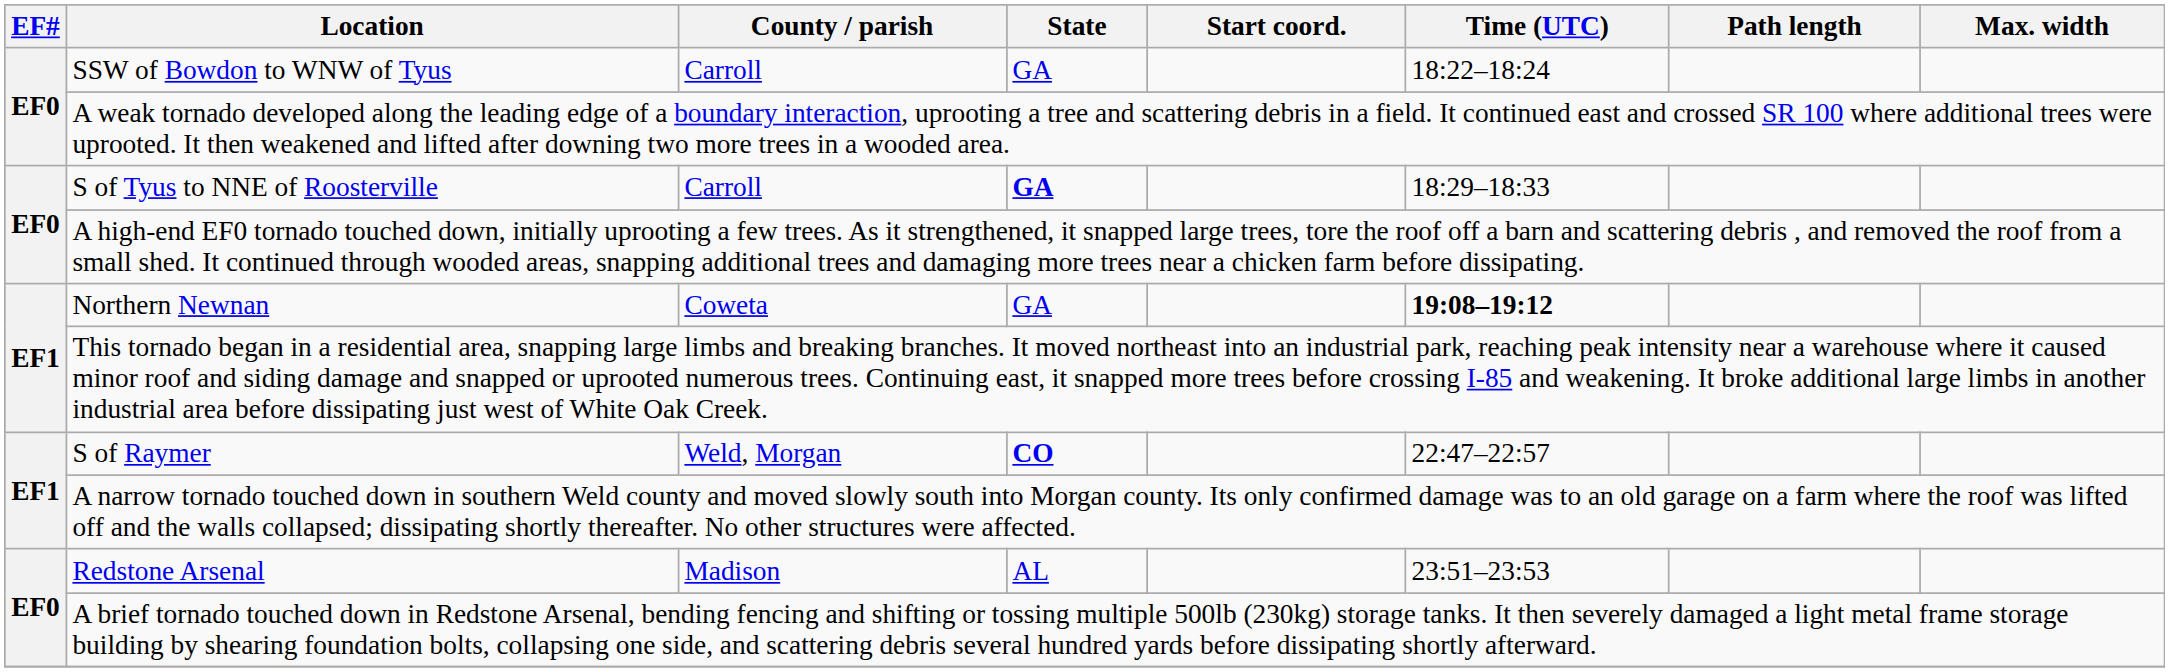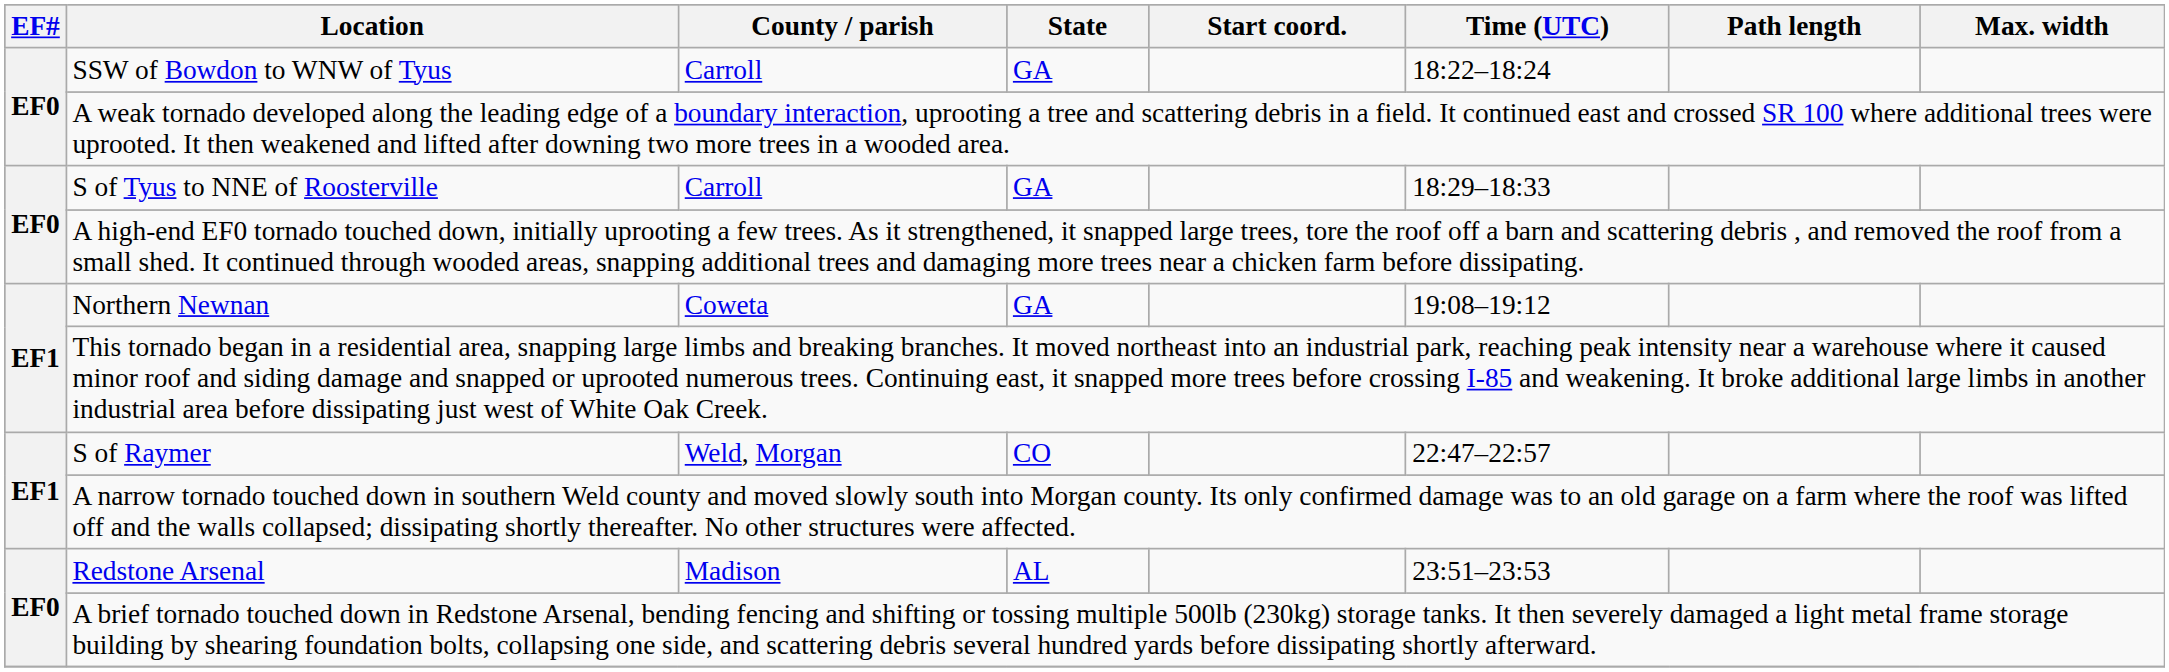 <table class="wikitable sortable" style="width:100%;">
 <tr>
 <th scope="col" width="2%" align="center"><a href='#'>EF#</a></th>
 <th scope="col" align="center" class="unsortable">Location</th>
 <th scope="col" align="center" class="unsortable">County / parish</th>
 <th scope="col" align="center">State</th>
 <th scope="col" align="center">Start coord.</th>
 <th scope="col" align="center">Time (<a href='#'>UTC</a>)</th>
 <th scope="col" align="center">Path length</th>
 <th scope="col" align="center">Max. width</th>
 </tr>
 <tr>
 <th scope="row" rowspan="2" style="background-color:#">EF0</th>
 <td>SSW of <a href='#'>Bowdon</a> to WNW of <a href='#'>Tyus</a></td>
 <td><a href='#'>Carroll</a></td>
 <td><a href='#'>GA</a></td>
 <td></td>
 <td>18:22–18:24</td>
 <td></td>
 <td></td>
 </tr>
 <tr class="expand-child">
 <td colspan="8" border-bottom: 1px solid black;>A weak tornado developed along the leading edge of a <a href='#'>boundary interaction</a>, uprooting a tree and scattering debris in a field. It continued east and crossed <a href='#'>SR 100</a> where additional trees were uprooted. It then weakened and lifted after downing two more trees in a wooded area.</td>
 </tr>
 <tr>
 <th scope="row" rowspan="2" style="background-color:#">EF0</th>
 <td>S of <a href='#'>Tyus</a> to NNE of <a href='#'>Roosterville</a></td>
 <td><a href='#'>Carroll</a></td>
-<td><strong><a href='#'>GA</a></strong></td>
+<td><a href='#'>GA</a></td>
 <td></td>
 <td>18:29–18:33</td>
 <td></td>
 <td></td>
 </tr>
 <tr class="expand-child">
 <td colspan="8" border-bottom: 1px solid black;>A high-end EF0 tornado touched down, initially uprooting a few trees. As it strengthened, it snapped large trees, tore the roof off a barn and scattering debris , and removed the roof from a small shed. It continued through wooded areas, snapping additional trees and damaging more trees near a chicken farm before dissipating.</td>
 </tr>
 <tr>
 <th scope="row" rowspan="2" style="background-color:#">EF1</th>
 <td>Northern <a href='#'>Newnan</a></td>
 <td><a href='#'>Coweta</a></td>
 <td><a href='#'>GA</a></td>
 <td></td>
-<td><strong>19:08–19:12</strong></td>
+<td>19:08–19:12</td>
 <td></td>
 <td></td>
 </tr>
 <tr class="expand-child">
 <td colspan="8" border-bottom: 1px solid black;>This tornado began in a residential area, snapping large limbs and breaking branches. It moved northeast into an industrial park, reaching peak intensity near a warehouse where it caused minor roof and siding damage and snapped or uprooted numerous trees. Continuing east, it snapped more trees before crossing <a href='#'>I-85</a> and weakening. It broke additional large limbs in another industrial area before dissipating just west of White Oak Creek.</td>
 </tr>
 <tr>
 <th scope="row" rowspan="2" style="background-color:#">EF1</th>
 <td>S of <a href='#'>Raymer</a></td>
 <td><a href='#'>Weld</a>, <a href='#'>Morgan</a></td>
-<td><strong><a href='#'>CO</a></strong></td>
+<td><a href='#'>CO</a></td>
 <td></td>
 <td>22:47–22:57</td>
 <td></td>
 <td></td>
 </tr>
 <tr class="expand-child">
 <td colspan="8" border-bottom: 1px solid black;>A narrow tornado touched down in southern Weld county and moved slowly south into Morgan county. Its only confirmed damage was to an old garage on a farm where the roof was lifted off and the walls collapsed; dissipating shortly thereafter. No other structures were affected. </td>
 </tr>
 <tr>
 <th scope="row" rowspan="2" style="background-color:#">EF0</th>
 <td><a href='#'>Redstone Arsenal</a></td>
 <td><a href='#'>Madison</a></td>
 <td><a href='#'>AL</a></td>
 <td></td>
 <td>23:51–23:53</td>
 <td></td>
 <td></td>
 </tr>
 <tr class="expand-child">
 <td colspan="8" border-bottom: 1px solid black;>A brief tornado touched down in Redstone Arsenal, bending fencing and shifting or tossing multiple 500lb (230kg) storage tanks. It then severely damaged a light metal frame storage building by shearing foundation bolts, collapsing one side, and scattering debris several hundred yards before dissipating shortly afterward.</td>
 </tr>
 <tr>
 </tr>
 </table>
